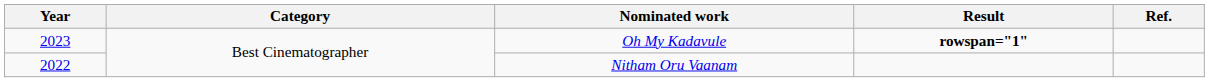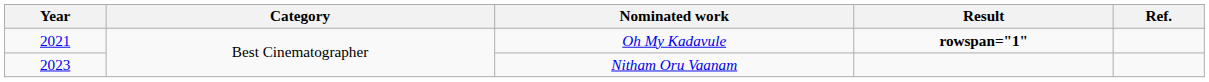 <table class="wikitable sortable" style="width: 100%; text-align: center;">
 <tr>
 <th scope="col">Year</th>
 <th scope="col">Category</th>
 <th scope="col">Nominated work</th>
 <th scope="col">Result</th>
 <th scope="col">Ref.</th>
 </tr>
 <tr>
-<td><a href='#'>2023</a></td>
+<td><a href='#'>2021</a></td>
 <td rowspan="2">Best Cinematographer</td>
 <td><em><a href='#'>Oh My Kadavule</a></em></td>
 <td><strong>rowspan="1" </strong></td>
 <td></td>
 </tr>
 <tr>
-<td><a href='#'>2022</a></td>
+<td><a href='#'>2023</a></td>
 <td><em><a href='#'>Nitham Oru Vaanam</a></em></td>
 <td></td>
 <td></td>
 </tr>
 </table>
